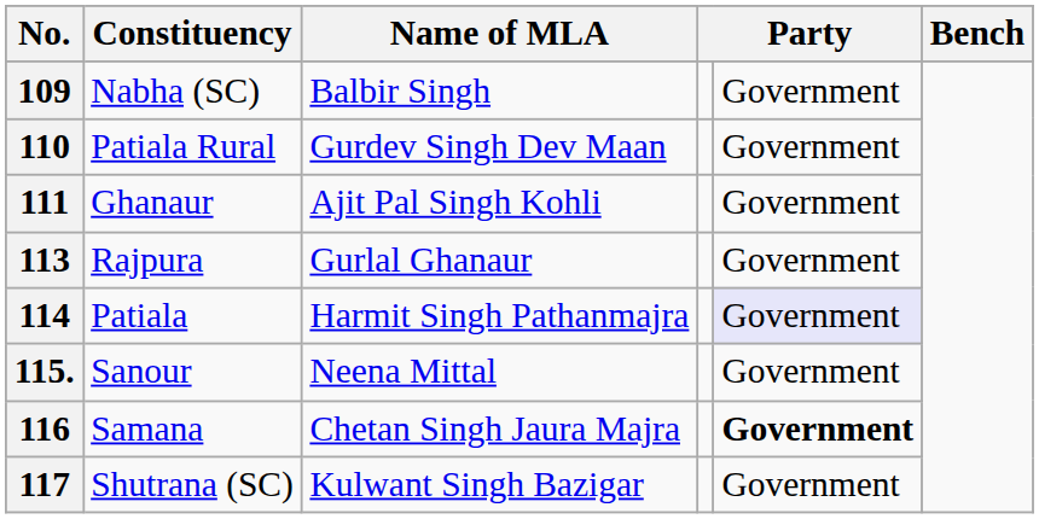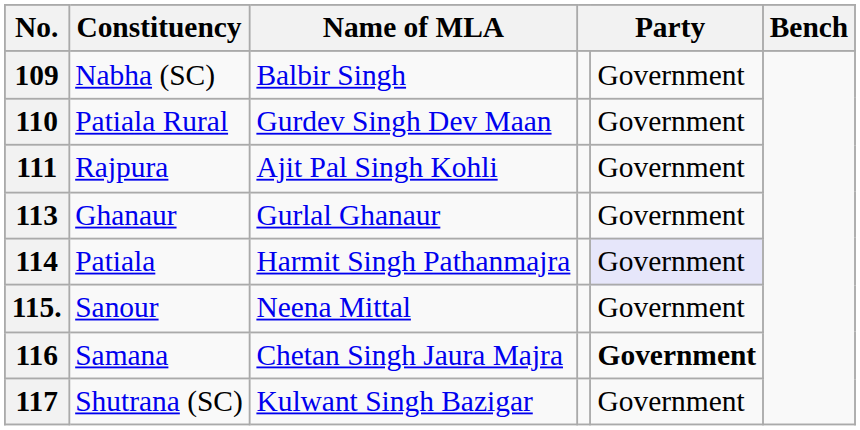 <table class="wikitable sortable">
 <tr>
 <th>No.</th>
 <th>Constituency</th>
 <th>Name of MLA</th>
 <th colspan="2">Party</th>
 <th>Bench</th>
 </tr>
 <tr>
 <th>109</th>
 <td><a href='#'>Nabha</a> (SC)</td>
 <td><a href='#'>Balbir Singh</a></td>
 <td></td>
 <td>Government</td>
 </tr>
 <tr>
 <th>110</th>
 <td><a href='#'>Patiala Rural</a></td>
 <td><a href='#'>Gurdev Singh Dev Maan</a></td>
 <td></td>
 <td>Government</td>
 </tr>
 <tr>
 <th>111</th>
-<td><a href='#'>Ghanaur</a></td>
+<td><a href='#'>Rajpura</a></td>
 <td><a href='#'>Ajit Pal Singh Kohli</a></td>
 <td></td>
 <td>Government</td>
 </tr>
 <tr>
 <th>113</th>
-<td><a href='#'>Rajpura</a></td>
+<td><a href='#'>Ghanaur</a></td>
 <td><a href='#'>Gurlal Ghanaur</a></td>
 <td></td>
 <td>Government</td>
 </tr>
 <tr>
 <th>114</th>
 <td><a href='#'>Patiala</a></td>
 <td><a href='#'>Harmit Singh Pathanmajra</a></td>
 <td></td>
 <td style="background: lavender;">Government</td>
 </tr>
 <tr>
 <th>115.</th>
 <td><a href='#'>Sanour</a></td>
 <td><a href='#'>Neena Mittal</a></td>
 <td></td>
 <td>Government</td>
 </tr>
 <tr>
 <th>116</th>
 <td><a href='#'>Samana</a></td>
 <td><a href='#'>Chetan Singh Jaura Majra</a></td>
 <td></td>
 <td><strong>Government</strong></td>
 </tr>
 <tr>
 <th>117</th>
 <td><a href='#'>Shutrana</a> (SC)</td>
 <td><a href='#'>Kulwant Singh Bazigar</a></td>
 <td></td>
 <td>Government</td>
 </tr>
 </table>
